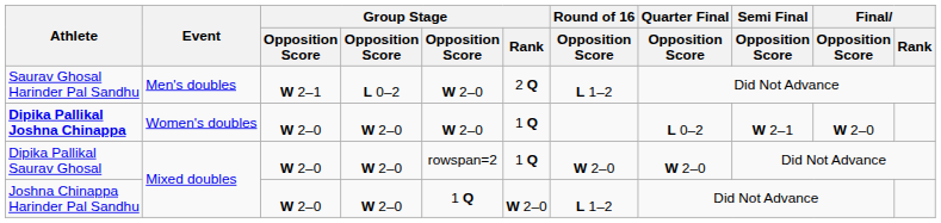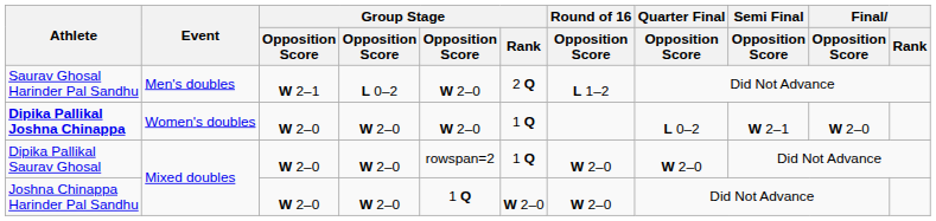 <table class=wikitable style="text-align:center; font-size:90%">
 <tr>
 <th rowspan="2">Athlete</th>
 <th rowspan="2">Event</th>
 <th colspan=4>Group Stage</th>
 <th>Round of 16</th>
 <th>Quarter Final</th>
 <th>Semi Final</th>
 <th colspan=2>Final/</th>
 </tr>
 <tr>
 <th>Opposition<br>Score</th>
 <th>Opposition<br>Score</th>
 <th>Opposition<br>Score</th>
 <th>Rank</th>
 <th>Opposition<br>Score</th>
 <th>Opposition<br>Score</th>
 <th>Opposition<br>Score</th>
 <th>Opposition<br>Score</th>
 <th>Rank</th>
 </tr>
 <tr>
 <td align=left><a href='#'>Saurav Ghosal</a><br><a href='#'>Harinder Pal Sandhu</a></td>
 <td align=left><a href='#'>Men's doubles</a></td>
 <td><br><strong>W</strong> 2–1</td>
 <td><br><strong>L</strong> 0–2</td>
 <td><br><strong>W</strong> 2–0</td>
 <td>2 <strong>Q</strong></td>
 <td><br><strong>L</strong> 1–2</td>
 <td colspan="5">Did Not Advance</td>
 </tr>
 <tr>
 <td align=left><strong><a href='#'>Dipika Pallikal</a><br><a href='#'>Joshna Chinappa</a></strong></td>
 <td align=left><a href='#'>Women's doubles</a></td>
 <td><br><strong>W</strong> 2–0</td>
 <td><br><strong>W</strong> 2–0</td>
 <td><br><strong>W</strong> 2–0</td>
 <td>1 <strong>Q</strong></td>
 <td></td>
 <td><br><strong>L</strong> 0–2</td>
 <td><br><strong>W</strong> 2–1</td>
 <td><br><strong>W</strong> 2–0</td>
 <td></td>
 </tr>
 <tr>
 <td align=left><a href='#'>Dipika Pallikal</a><br><a href='#'>Saurav Ghosal</a></td>
 <td align=left rowspan=2><a href='#'>Mixed doubles</a></td>
 <td><br><strong>W</strong> 2–0</td>
 <td><br><strong>W</strong> 2–0</td>
 <td>rowspan=2 </td>
 <td>1 <strong>Q</strong></td>
 <td><br><strong>W</strong> 2–0</td>
 <td><br><strong>W</strong> 2–0</td>
 <td colspan="3">Did Not Advance</td>
 </tr>
 <tr>
 <td align=left><a href='#'>Joshna Chinappa</a><br><a href='#'>Harinder Pal Sandhu</a></td>
 <td><br><strong>W</strong> 2–0</td>
 <td><br><strong>W</strong> 2–0</td>
 <td>1 <strong>Q</strong></td>
 <td><br><strong>W</strong> 2–0</td>
-<td><br><strong>L</strong> 1–2</td>
+<td><br><strong>W</strong> 2–0</td>
 <td colspan="3">Did Not Advance</td>
 </tr>
 </table>
